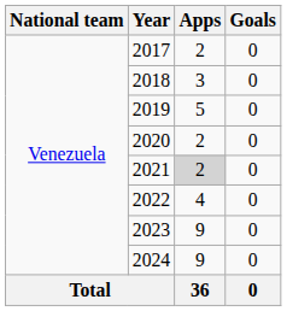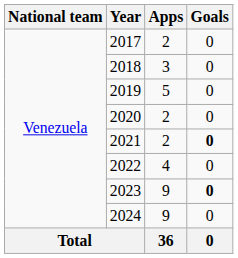 <table class="wikitable" style="text-align:center">
 <tr>
 <th>National team</th>
 <th>Year</th>
 <th>Apps</th>
 <th>Goals</th>
 </tr>
 <tr>
 <td rowspan="8"><a href='#'>Venezuela</a></td>
 <td>2017</td>
 <td>2</td>
 <td>0</td>
 </tr>
 <tr>
 <td>2018</td>
 <td>3</td>
 <td>0</td>
 </tr>
 <tr>
 <td>2019</td>
 <td>5</td>
 <td>0</td>
 </tr>
 <tr>
 <td>2020</td>
 <td>2</td>
 <td>0</td>
 </tr>
 <tr>
 <td>2021</td>
-<td style="background: lightgrey;">2</td>
-<td>0</td>
+<td>2</td>
+<td><strong>0</strong></td>
 </tr>
 <tr>
 <td>2022</td>
 <td>4</td>
 <td>0</td>
 </tr>
 <tr>
 <td>2023</td>
 <td>9</td>
-<td>0</td>
+<td><strong>0</strong></td>
 </tr>
 <tr>
 <td>2024</td>
 <td>9</td>
 <td>0</td>
 </tr>
 <tr>
 <th colspan="2">Total</th>
 <th>36</th>
 <th>0</th>
 </tr>
 </table>
